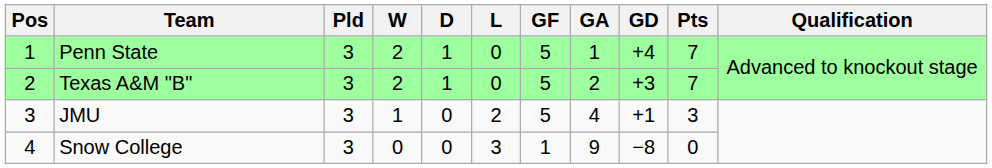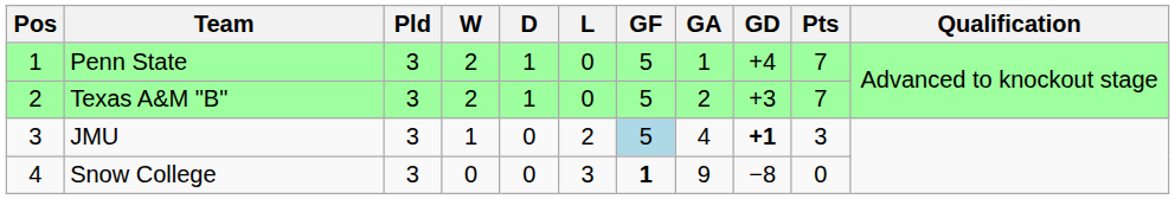 <table class="wikitable" style="text-align:center; margin: 1em auto">
 <tr>
 <th style="width:2em">Pos</th>
 <th style="width:13em">Team</th>
 <th style="width:2em">Pld</th>
 <th style="width:2em">W</th>
 <th style="width:2em">D</th>
 <th style="width:2em">L</th>
 <th style="width:2em">GF</th>
 <th style="width:2em">GA</th>
 <th style="width:2em">GD</th>
 <th style="width:2em">Pts</th>
 <th style="width:13em">Qualification</th>
 </tr>
 <tr bgcolor="#9eff9e">
 <td>1</td>
 <td style="text-align:left">Penn State</td>
 <td>3</td>
 <td>2</td>
 <td>1</td>
 <td>0</td>
 <td>5</td>
 <td>1</td>
 <td>+4</td>
 <td>7</td>
 <td rowspan="2">Advanced to knockout stage</td>
 </tr>
 <tr bgcolor="#9eff9e">
 <td>2</td>
 <td style="text-align:left">Texas A&M "B"</td>
 <td>3</td>
 <td>2</td>
 <td>1</td>
 <td>0</td>
 <td>5</td>
 <td>2</td>
 <td>+3</td>
 <td>7</td>
 </tr>
 <tr>
 <td>3</td>
 <td style="text-align:left">JMU</td>
 <td>3</td>
 <td>1</td>
 <td>0</td>
 <td>2</td>
-<td>5</td>
+<td style="background: lightblue;">5</td>
 <td>4</td>
-<td>+1</td>
+<td><strong>+1</strong></td>
 <td>3</td>
 <td rowspan="2"></td>
 </tr>
 <tr>
 <td>4</td>
 <td style="text-align:left">Snow College</td>
 <td>3</td>
 <td>0</td>
 <td>0</td>
 <td>3</td>
-<td>1</td>
+<td><strong>1</strong></td>
 <td>9</td>
 <td>−8</td>
 <td>0</td>
 </tr>
 </table>
